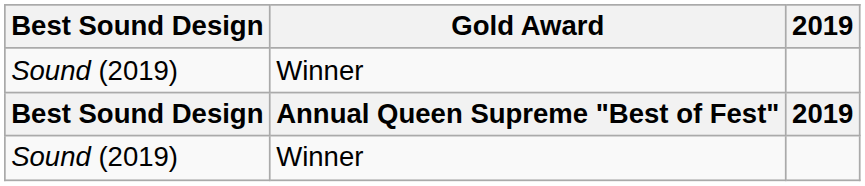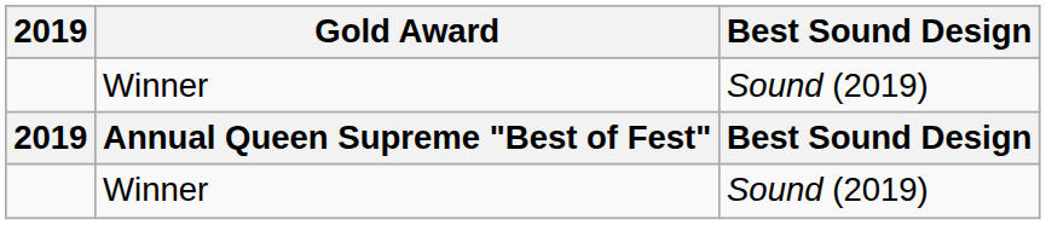 <table class="wikitable">
 <tr>
+<th>2019</th>
+<th>Gold Award</th>
 <th>Best Sound Design</th>
-<th>Gold Award</th>
-<th>2019</th>
 </tr>
 <tr>
+<td></td>
+<td>Winner</td>
 <td><em>Sound</em> (2019)</td>
-<td>Winner</td>
-<td></td>
 </tr>
 <tr>
+<th>2019</th>
+<th><strong>Annual Queen Supreme "Best of Fest"</strong></th>
 <th>Best Sound Design</th>
-<th><strong>Annual Queen Supreme "Best of Fest"</strong></th>
-<th>2019</th>
 </tr>
 <tr>
+<td></td>
+<td>Winner</td>
 <td><em>Sound</em> (2019)</td>
-<td>Winner</td>
-<td></td>
 </tr>
 </table>
